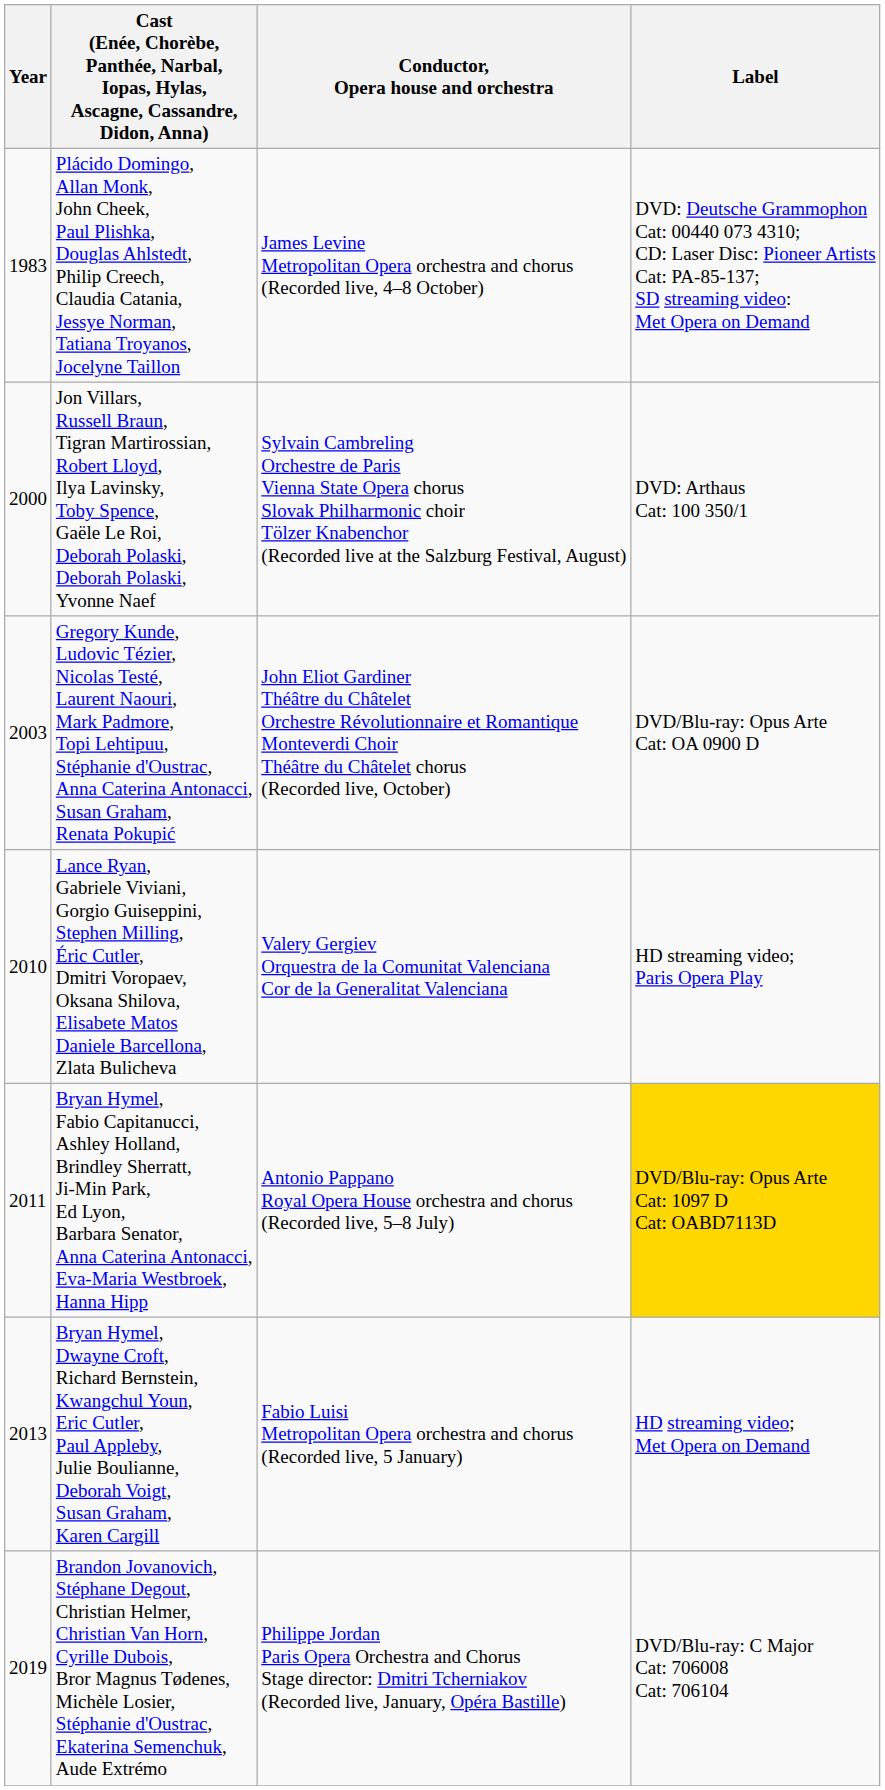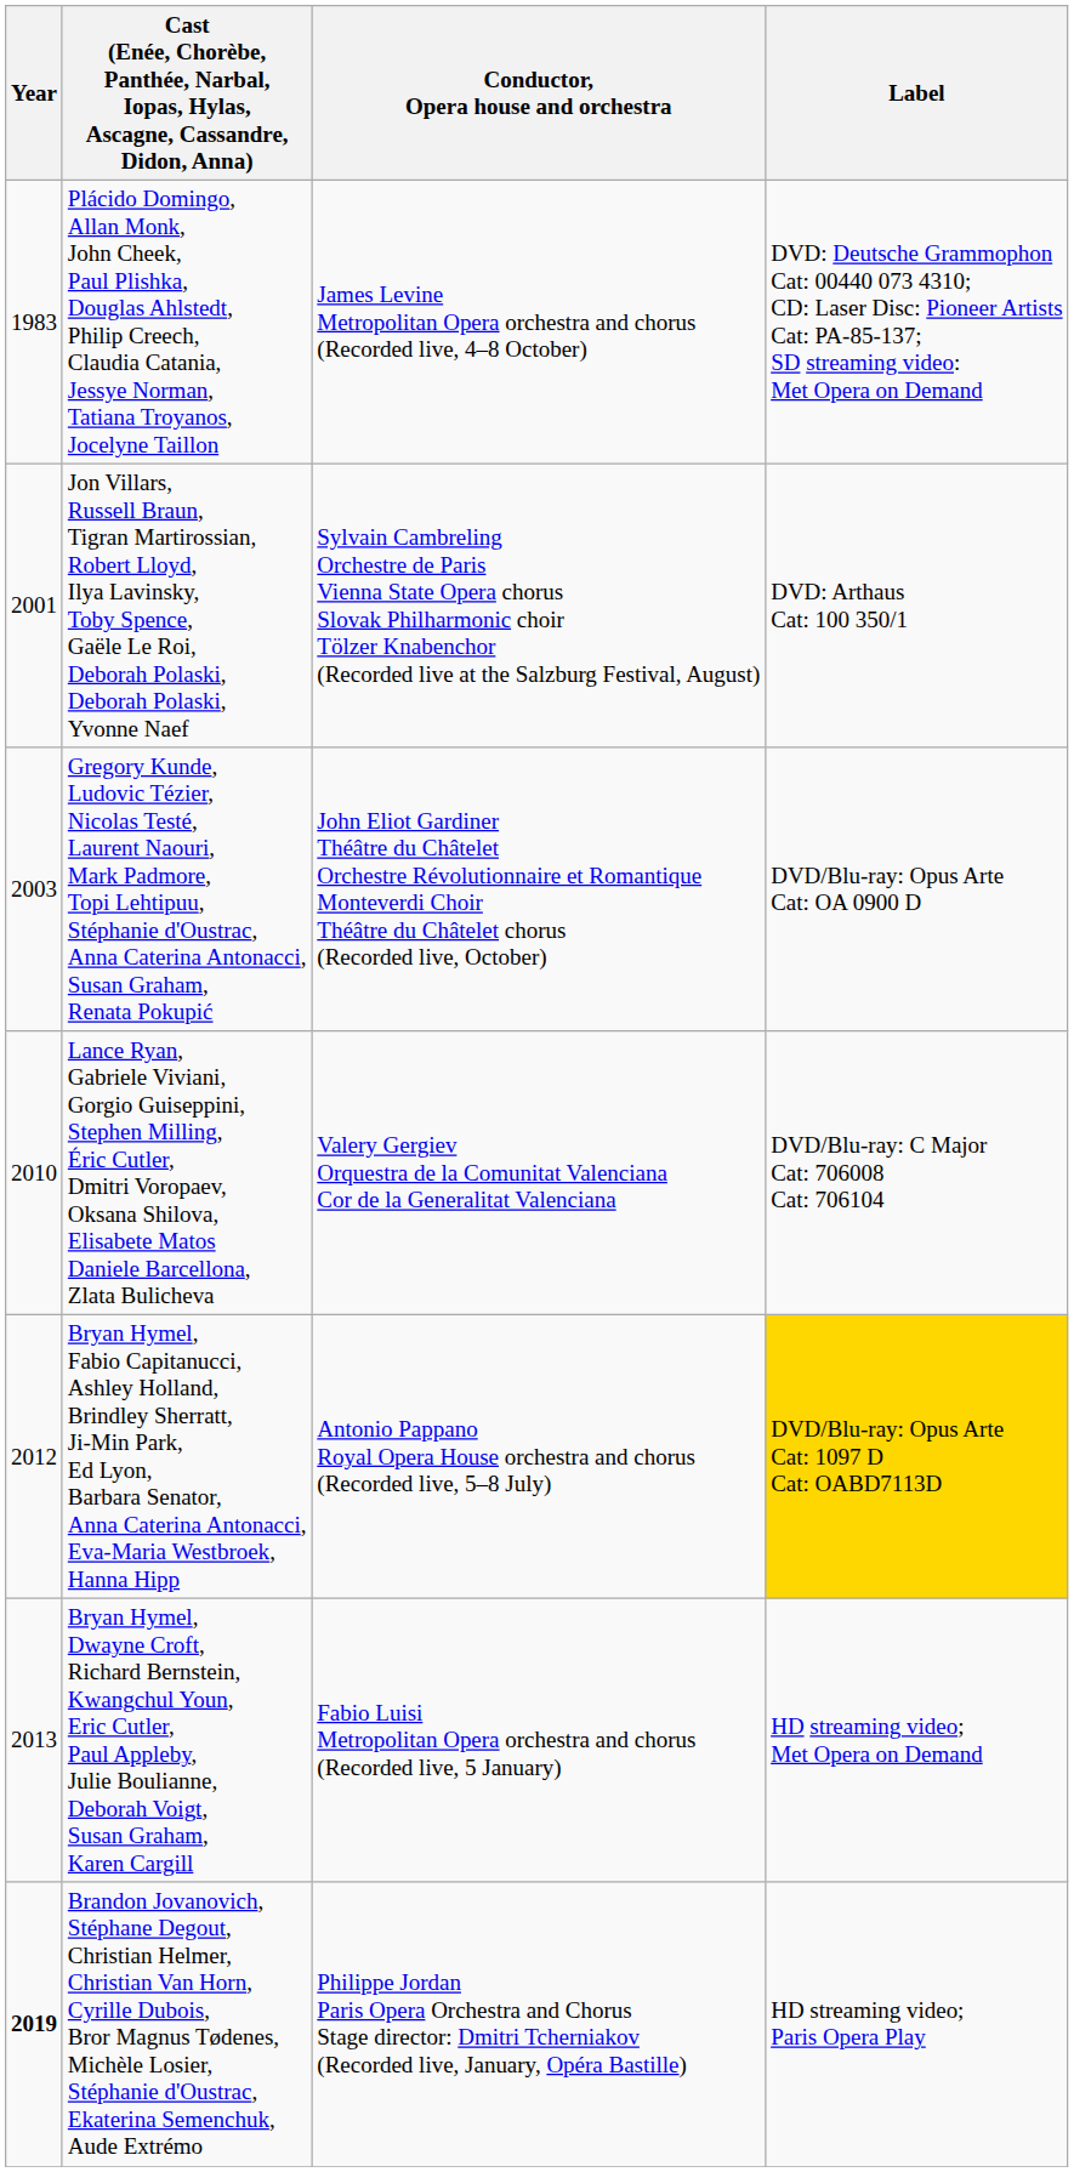 <table class="wikitable" style="font-size:95%;">
 <tr>
 <th>Year</th>
 <th>Cast<br>(Enée, Chorèbe,<br> Panthée, Narbal,<br>Iopas, Hylas,<br>Ascagne, Cassandre,<br>Didon, Anna)</th>
 <th>Conductor,<br>Opera house and orchestra</th>
 <th>Label</th>
 </tr>
 <tr>
 <td>1983</td>
 <td><a href='#'>Plácido Domingo</a>,<br><a href='#'>Allan Monk</a>,<br> John Cheek,<br><a href='#'>Paul Plishka</a>,<br><a href='#'>Douglas Ahlstedt</a>,<br>Philip Creech,<br>Claudia Catania, <br><a href='#'>Jessye Norman</a>,<br><a href='#'>Tatiana Troyanos</a>,<br><a href='#'>Jocelyne Taillon</a></td>
 <td><a href='#'>James Levine</a><br> <a href='#'>Metropolitan Opera</a> orchestra and chorus<br>(Recorded live, 4–8 October)</td>
 <td>DVD: <a href='#'>Deutsche Grammophon</a><br>Cat: 00440 073 4310;<br>CD: Laser Disc: <a href='#'>Pioneer Artists</a><br>Cat: PA-85-137;<br><a href='#'>SD</a> <a href='#'>streaming video</a>:<br><a href='#'>Met Opera on Demand</a></td>
 </tr>
 <tr>
-<td>2000</td>
+<td>2001</td>
 <td>Jon Villars,<br><a href='#'>Russell Braun</a>,<br>Tigran Martirossian,<br><a href='#'>Robert Lloyd</a>,<br>Ilya Lavinsky,<br><a href='#'>Toby Spence</a>,<br>Gaële Le Roi,<br><a href='#'>Deborah Polaski</a>,<br><a href='#'>Deborah Polaski</a>,<br>Yvonne Naef</td>
 <td><a href='#'>Sylvain Cambreling</a><br><a href='#'>Orchestre de Paris</a><br><a href='#'>Vienna State Opera</a> chorus<br><a href='#'>Slovak Philharmonic</a> choir<br><a href='#'>Tölzer Knabenchor</a><br>(Recorded live at the Salzburg Festival, August)</td>
 <td>DVD: Arthaus<br>Cat: 100 350/1</td>
 </tr>
 <tr>
 <td>2003</td>
 <td><a href='#'>Gregory Kunde</a>,<br><a href='#'>Ludovic Tézier</a>,<br><a href='#'>Nicolas Testé</a>,<br><a href='#'>Laurent Naouri</a>,<br><a href='#'>Mark Padmore</a>,<br><a href='#'>Topi Lehtipuu</a>,<br><a href='#'>Stéphanie d'Oustrac</a>,<br><a href='#'>Anna Caterina Antonacci</a>,<br><a href='#'>Susan Graham</a>,<br><a href='#'>Renata Pokupić</a></td>
 <td><a href='#'>John Eliot Gardiner</a><br><a href='#'>Théâtre du Châtelet</a><br><a href='#'>Orchestre Révolutionnaire et Romantique</a><br><a href='#'>Monteverdi Choir</a><br> <a href='#'>Théâtre du Châtelet</a> chorus<br>(Recorded live, October)</td>
 <td>DVD/Blu-ray: Opus Arte<br>Cat: OA 0900 D</td>
 </tr>
 <tr>
 <td>2010</td>
 <td><a href='#'>Lance Ryan</a>,<br>Gabriele Viviani,<br>Gorgio Guiseppini,<br><a href='#'>Stephen Milling</a>,<br><a href='#'>Éric Cutler</a>,<br>Dmitri Voropaev,<br>Oksana Shilova,<br><a href='#'>Elisabete Matos</a><br><a href='#'>Daniele Barcellona</a>,<br>Zlata Bulicheva</td>
 <td><a href='#'>Valery Gergiev</a><br><a href='#'>Orquestra de la Comunitat Valenciana</a><br><a href='#'>Cor de la Generalitat Valenciana</a></td>
-<td>HD streaming video;<br><a href='#'>Paris Opera Play</a></td>
+<td>DVD/Blu-ray: C Major<br>Cat: 706008<br>Cat: 706104</td>
 </tr>
 <tr>
-<td>2011</td>
+<td>2012</td>
 <td><a href='#'>Bryan Hymel</a>,<br>Fabio Capitanucci,<br>Ashley Holland,<br>Brindley Sherratt,<br>Ji-Min Park,<br>Ed Lyon,<br>Barbara Senator,<br><a href='#'>Anna Caterina Antonacci</a>,<br><a href='#'>Eva-Maria Westbroek</a>,<br><a href='#'>Hanna Hipp</a></td>
 <td><a href='#'>Antonio Pappano</a><br><a href='#'>Royal Opera House</a> orchestra and chorus<br>(Recorded live, 5–8 July)</td>
 <td style="background: gold;">DVD/Blu-ray: Opus Arte<br>Cat: 1097 D<br>Cat: OABD7113D</td>
 </tr>
 <tr>
 <td>2013</td>
 <td><a href='#'>Bryan Hymel</a>,<br><a href='#'>Dwayne Croft</a>,<br>Richard Bernstein,<br><a href='#'>Kwangchul Youn</a>,<br><a href='#'>Eric Cutler</a>,<br><a href='#'>Paul Appleby</a>,<br>Julie Boulianne,<br><a href='#'>Deborah Voigt</a>,<br><a href='#'>Susan Graham</a>,<br><a href='#'>Karen Cargill</a></td>
 <td><a href='#'>Fabio Luisi</a><br><a href='#'>Metropolitan Opera</a> orchestra and chorus<br>(Recorded live, 5 January)</td>
 <td><a href='#'>HD</a> <a href='#'>streaming video</a>;<br><a href='#'>Met Opera on Demand</a></td>
 </tr>
 <tr>
-<td>2019</td>
+<td><strong>2019</strong></td>
 <td><a href='#'>Brandon Jovanovich</a>,<br><a href='#'>Stéphane Degout</a>,<br>Christian Helmer,<br><a href='#'>Christian Van Horn</a>,<br><a href='#'>Cyrille Dubois</a>,<br>Bror Magnus Tødenes,<br>Michèle Losier,<br><a href='#'>Stéphanie d'Oustrac</a>,<br><a href='#'>Ekaterina Semenchuk</a>,<br>Aude Extrémo</td>
 <td><a href='#'>Philippe Jordan</a><br><a href='#'>Paris Opera</a> Orchestra and Chorus<br>Stage director: <a href='#'>Dmitri Tcherniakov</a><br>(Recorded live, January, <a href='#'>Opéra Bastille</a>)</td>
-<td>DVD/Blu-ray: C Major<br>Cat: 706008<br>Cat: 706104</td>
+<td>HD streaming video;<br><a href='#'>Paris Opera Play</a></td>
 </tr>
 </table>
